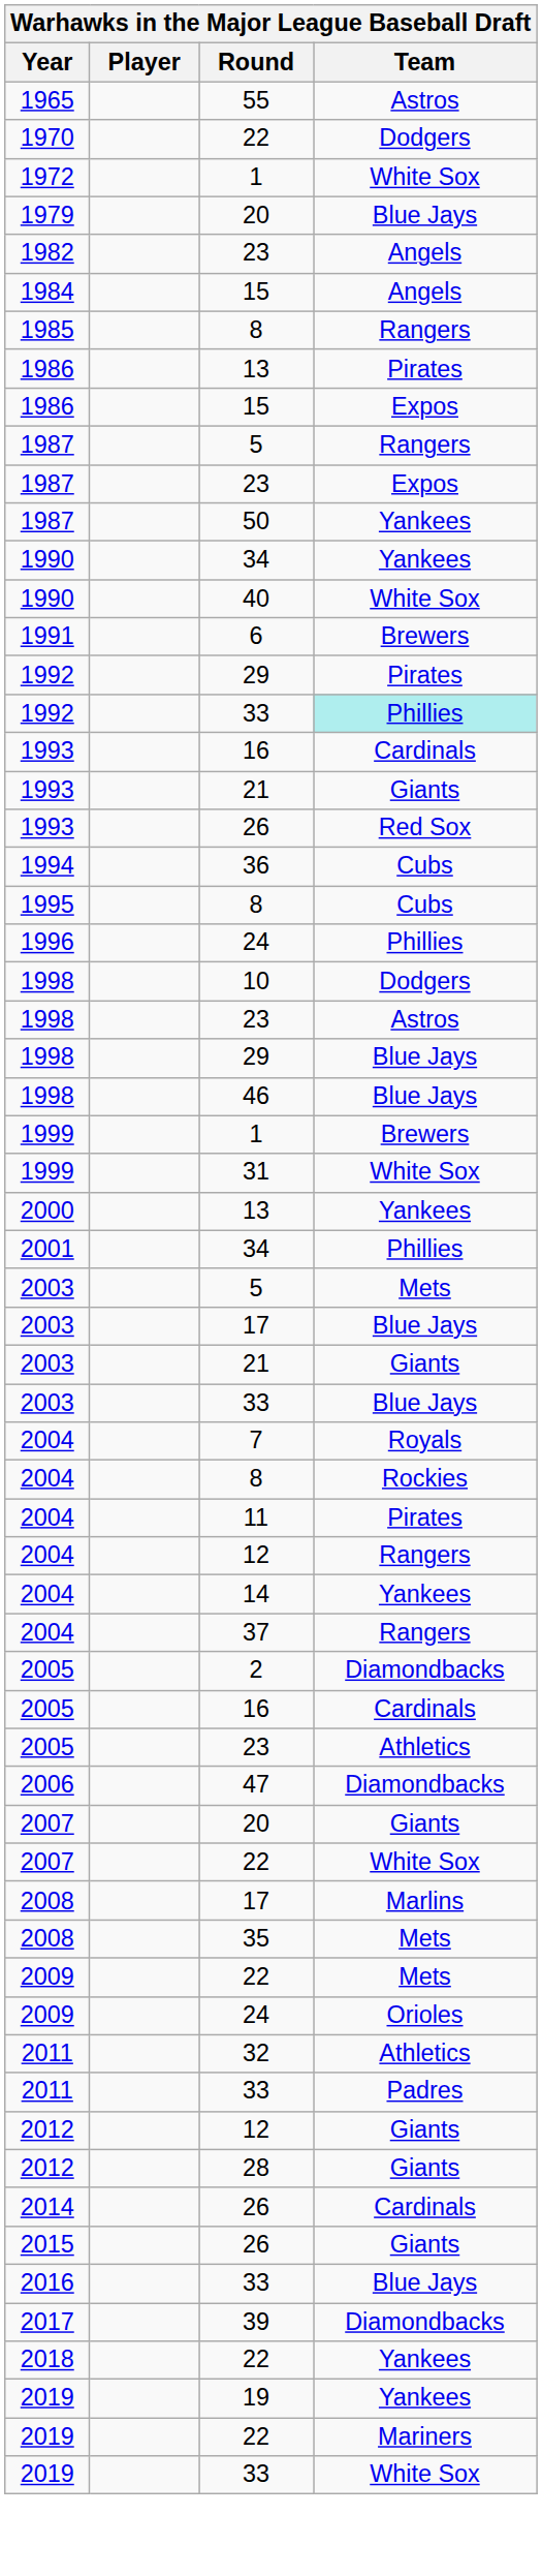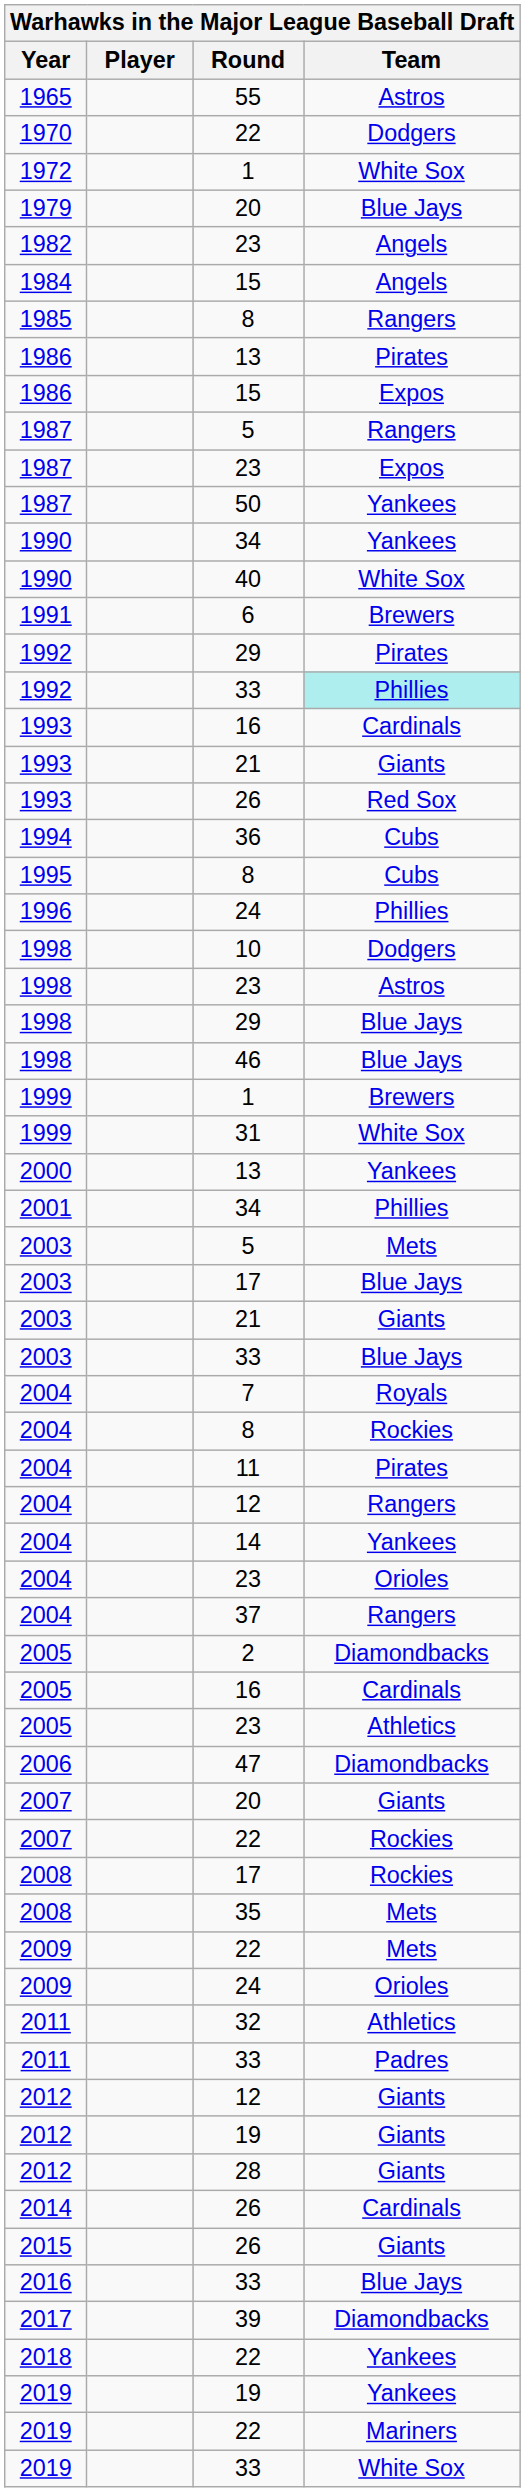 <table class="wikitable sortable collapsible collapsed" style="text-align:center">
 <tr>
 <th colspan=4>Warhawks in the Major League Baseball Draft</th>
 </tr>
 <tr>
 <th>Year</th>
 <th>Player</th>
 <th>Round</th>
 <th>Team</th>
 </tr>
 <tr>
 <td><a href='#'>1965</a></td>
 <td></td>
 <td>55</td>
 <td><a href='#'>Astros</a></td>
 </tr>
 <tr>
 <td><a href='#'>1970</a></td>
 <td></td>
 <td>22</td>
 <td><a href='#'>Dodgers</a></td>
 </tr>
 <tr>
 <td><a href='#'>1972</a></td>
 <td></td>
 <td>1</td>
 <td><a href='#'>White Sox</a></td>
 </tr>
 <tr>
 <td><a href='#'>1979</a></td>
 <td></td>
 <td>20</td>
 <td><a href='#'>Blue Jays</a></td>
 </tr>
 <tr>
 <td><a href='#'>1982</a></td>
 <td></td>
 <td>23</td>
 <td><a href='#'>Angels</a></td>
 </tr>
 <tr>
 <td><a href='#'>1984</a></td>
 <td></td>
 <td>15</td>
 <td><a href='#'>Angels</a></td>
 </tr>
 <tr>
 <td><a href='#'>1985</a></td>
 <td></td>
 <td>8</td>
 <td><a href='#'>Rangers</a></td>
 </tr>
 <tr>
 <td><a href='#'>1986</a></td>
 <td></td>
 <td>13</td>
 <td><a href='#'>Pirates</a></td>
 </tr>
 <tr>
 <td><a href='#'>1986</a></td>
 <td></td>
 <td>15</td>
 <td><a href='#'>Expos</a></td>
 </tr>
 <tr>
 <td><a href='#'>1987</a></td>
 <td></td>
 <td>5</td>
 <td><a href='#'>Rangers</a></td>
 </tr>
 <tr>
 <td><a href='#'>1987</a></td>
 <td></td>
 <td>23</td>
 <td><a href='#'>Expos</a></td>
 </tr>
 <tr>
 <td><a href='#'>1987</a></td>
 <td></td>
 <td>50</td>
 <td><a href='#'>Yankees</a></td>
 </tr>
 <tr>
 <td><a href='#'>1990</a></td>
 <td></td>
 <td>34</td>
 <td><a href='#'>Yankees</a></td>
 </tr>
 <tr>
 <td><a href='#'>1990</a></td>
 <td></td>
 <td>40</td>
 <td><a href='#'>White Sox</a></td>
 </tr>
 <tr>
 <td><a href='#'>1991</a></td>
 <td></td>
 <td>6</td>
 <td><a href='#'>Brewers</a></td>
 </tr>
 <tr>
 <td><a href='#'>1992</a></td>
 <td></td>
 <td>29</td>
 <td><a href='#'>Pirates</a></td>
 </tr>
 <tr>
 <td><a href='#'>1992</a></td>
 <td></td>
 <td>33</td>
 <td style="background: paleturquoise;"><a href='#'>Phillies</a></td>
 </tr>
 <tr>
 <td><a href='#'>1993</a></td>
 <td></td>
 <td>16</td>
 <td><a href='#'>Cardinals</a></td>
 </tr>
 <tr>
 <td><a href='#'>1993</a></td>
 <td></td>
 <td>21</td>
 <td><a href='#'>Giants</a></td>
 </tr>
 <tr>
 <td><a href='#'>1993</a></td>
 <td></td>
 <td>26</td>
 <td><a href='#'>Red Sox</a></td>
 </tr>
 <tr>
 <td><a href='#'>1994</a></td>
 <td></td>
 <td>36</td>
 <td><a href='#'>Cubs</a></td>
 </tr>
 <tr>
 <td><a href='#'>1995</a></td>
 <td></td>
 <td>8</td>
 <td><a href='#'>Cubs</a></td>
 </tr>
 <tr>
 <td><a href='#'>1996</a></td>
 <td></td>
 <td>24</td>
 <td><a href='#'>Phillies</a></td>
 </tr>
 <tr>
 <td><a href='#'>1998</a></td>
 <td></td>
 <td>10</td>
 <td><a href='#'>Dodgers</a></td>
 </tr>
 <tr>
 <td><a href='#'>1998</a></td>
 <td></td>
 <td>23</td>
 <td><a href='#'>Astros</a></td>
 </tr>
 <tr>
 <td><a href='#'>1998</a></td>
 <td></td>
 <td>29</td>
 <td><a href='#'>Blue Jays</a></td>
 </tr>
 <tr>
 <td><a href='#'>1998</a></td>
 <td></td>
 <td>46</td>
 <td><a href='#'>Blue Jays</a></td>
 </tr>
 <tr>
 <td><a href='#'>1999</a></td>
 <td></td>
 <td>1</td>
 <td><a href='#'>Brewers</a></td>
 </tr>
 <tr>
 <td><a href='#'>1999</a></td>
 <td></td>
 <td>31</td>
 <td><a href='#'>White Sox</a></td>
 </tr>
 <tr>
 <td><a href='#'>2000</a></td>
 <td></td>
 <td>13</td>
 <td><a href='#'>Yankees</a></td>
 </tr>
 <tr>
 <td><a href='#'>2001</a></td>
 <td></td>
 <td>34</td>
 <td><a href='#'>Phillies</a></td>
 </tr>
 <tr>
 <td><a href='#'>2003</a></td>
 <td></td>
 <td>5</td>
 <td><a href='#'>Mets</a></td>
 </tr>
 <tr>
 <td><a href='#'>2003</a></td>
 <td></td>
 <td>17</td>
 <td><a href='#'>Blue Jays</a></td>
 </tr>
 <tr>
 <td><a href='#'>2003</a></td>
 <td></td>
 <td>21</td>
 <td><a href='#'>Giants</a></td>
 </tr>
 <tr>
 <td><a href='#'>2003</a></td>
 <td></td>
 <td>33</td>
 <td><a href='#'>Blue Jays</a></td>
 </tr>
 <tr>
 <td><a href='#'>2004</a></td>
 <td></td>
 <td>7</td>
 <td><a href='#'>Royals</a></td>
 </tr>
 <tr>
 <td><a href='#'>2004</a></td>
 <td></td>
 <td>8</td>
 <td><a href='#'>Rockies</a></td>
 </tr>
 <tr>
 <td><a href='#'>2004</a></td>
 <td></td>
 <td>11</td>
 <td><a href='#'>Pirates</a></td>
 </tr>
 <tr>
 <td><a href='#'>2004</a></td>
 <td></td>
 <td>12</td>
 <td><a href='#'>Rangers</a></td>
 </tr>
 <tr>
 <td><a href='#'>2004</a></td>
 <td></td>
 <td>14</td>
 <td><a href='#'>Yankees</a></td>
 </tr>
 <tr>
 <td><a href='#'>2004</a></td>
 <td></td>
+<td>23</td>
+<td><a href='#'>Orioles</a></td>
+</tr>
+<tr>
+<td><a href='#'>2004</a></td>
+<td></td>
 <td>37</td>
 <td><a href='#'>Rangers</a></td>
 </tr>
 <tr>
 <td><a href='#'>2005</a></td>
 <td></td>
 <td>2</td>
 <td><a href='#'>Diamondbacks</a></td>
 </tr>
 <tr>
 <td><a href='#'>2005</a></td>
 <td></td>
 <td>16</td>
 <td><a href='#'>Cardinals</a></td>
 </tr>
 <tr>
 <td><a href='#'>2005</a></td>
 <td></td>
 <td>23</td>
 <td><a href='#'>Athletics</a></td>
 </tr>
 <tr>
 <td><a href='#'>2006</a></td>
 <td></td>
 <td>47</td>
 <td><a href='#'>Diamondbacks</a></td>
 </tr>
 <tr>
 <td><a href='#'>2007</a></td>
 <td></td>
 <td>20</td>
 <td><a href='#'>Giants</a></td>
 </tr>
 <tr>
 <td><a href='#'>2007</a></td>
 <td></td>
 <td>22</td>
-<td><a href='#'>White Sox</a></td>
+<td><a href='#'>Rockies</a></td>
 </tr>
 <tr>
 <td><a href='#'>2008</a></td>
 <td></td>
 <td>17</td>
-<td><a href='#'>Marlins</a></td>
+<td><a href='#'>Rockies</a></td>
 </tr>
 <tr>
 <td><a href='#'>2008</a></td>
 <td></td>
 <td>35</td>
 <td><a href='#'>Mets</a></td>
 </tr>
 <tr>
 <td><a href='#'>2009</a></td>
 <td></td>
 <td>22</td>
 <td><a href='#'>Mets</a></td>
 </tr>
 <tr>
 <td><a href='#'>2009</a></td>
 <td></td>
 <td>24</td>
 <td><a href='#'>Orioles</a></td>
 </tr>
 <tr>
 <td><a href='#'>2011</a></td>
 <td></td>
 <td>32</td>
 <td><a href='#'>Athletics</a></td>
 </tr>
 <tr>
 <td><a href='#'>2011</a></td>
 <td></td>
 <td>33</td>
 <td><a href='#'>Padres</a></td>
 </tr>
 <tr>
 <td><a href='#'>2012</a></td>
 <td></td>
 <td>12</td>
+<td><a href='#'>Giants</a></td>
+</tr>
+<tr>
+<td><a href='#'>2012</a></td>
+<td></td>
+<td>19</td>
 <td><a href='#'>Giants</a></td>
 </tr>
 <tr>
 <td><a href='#'>2012</a></td>
 <td></td>
 <td>28</td>
 <td><a href='#'>Giants</a></td>
 </tr>
 <tr>
 <td><a href='#'>2014</a></td>
 <td></td>
 <td>26</td>
 <td><a href='#'>Cardinals</a></td>
 </tr>
 <tr>
 <td><a href='#'>2015</a></td>
 <td></td>
 <td>26</td>
 <td><a href='#'>Giants</a></td>
 </tr>
 <tr>
 <td><a href='#'>2016</a></td>
 <td></td>
 <td>33</td>
 <td><a href='#'>Blue Jays</a></td>
 </tr>
 <tr>
 <td><a href='#'>2017</a></td>
 <td></td>
 <td>39</td>
 <td><a href='#'>Diamondbacks</a></td>
 </tr>
 <tr>
 <td><a href='#'>2018</a></td>
 <td></td>
 <td>22</td>
 <td><a href='#'>Yankees</a></td>
 </tr>
 <tr>
 <td><a href='#'>2019</a></td>
 <td></td>
 <td>19</td>
 <td><a href='#'>Yankees</a></td>
 </tr>
 <tr>
 <td><a href='#'>2019</a></td>
 <td></td>
 <td>22</td>
 <td><a href='#'>Mariners</a></td>
 </tr>
 <tr>
 <td><a href='#'>2019</a></td>
 <td></td>
 <td>33</td>
 <td><a href='#'>White Sox</a></td>
 </tr>
 </table>
